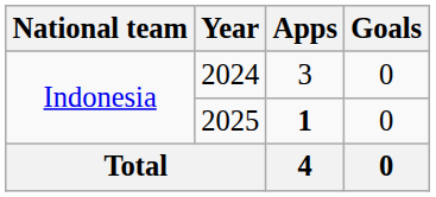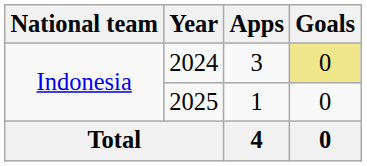 <table class="wikitable" style="text-align:center">
 <tr>
 <th>National team</th>
 <th>Year</th>
 <th>Apps</th>
 <th>Goals</th>
 </tr>
 <tr>
 <td rowspan="2"><a href='#'>Indonesia</a></td>
 <td>2024</td>
 <td>3</td>
-<td>0</td>
+<td style="background: khaki;">0</td>
 </tr>
 <tr>
 <td>2025</td>
-<td><strong>1</strong></td>
+<td>1</td>
 <td>0</td>
 </tr>
 <tr>
 <th colspan="2">Total</th>
 <th>4</th>
 <th>0</th>
 </tr>
 </table>
